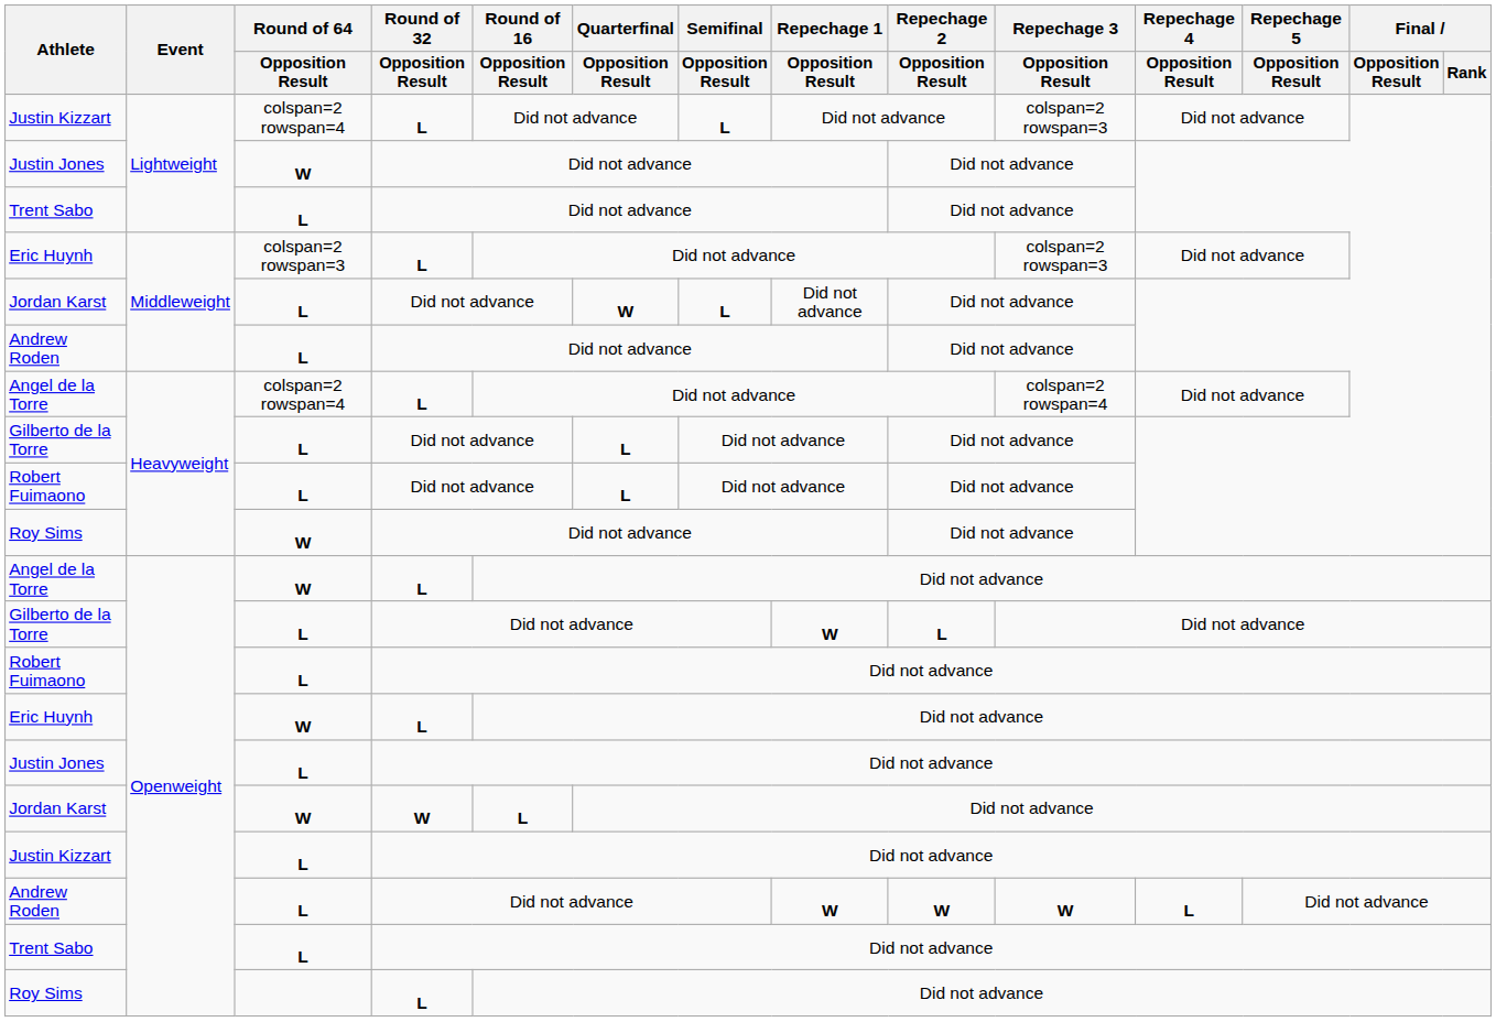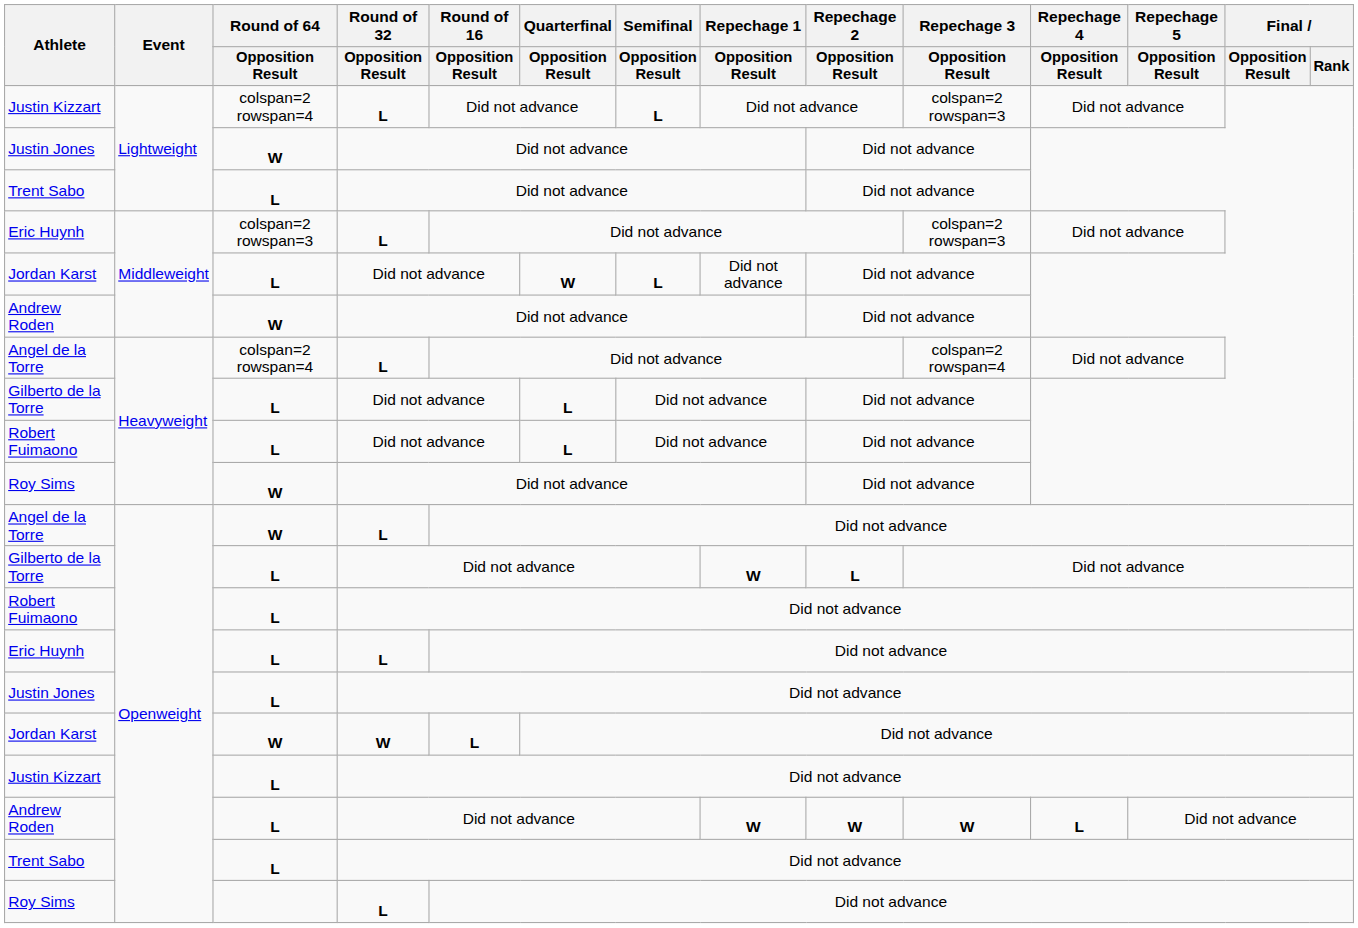 <table class=wikitable style=font-size:90%;text-align:center>
 <tr>
 <th rowspan=2>Athlete</th>
 <th rowspan=2>Event</th>
 <th>Round of 64</th>
 <th>Round of 32</th>
 <th>Round of 16</th>
 <th>Quarterfinal</th>
 <th>Semifinal</th>
 <th>Repechage 1</th>
 <th>Repechage 2</th>
 <th>Repechage 3</th>
 <th>Repechage 4</th>
 <th>Repechage 5</th>
 <th colspan=2>Final / </th>
 </tr>
 <tr style=font-size:95%>
 <th>Opposition<br>Result</th>
 <th>Opposition<br>Result</th>
 <th>Opposition<br>Result</th>
 <th>Opposition<br>Result</th>
 <th>Opposition<br>Result</th>
 <th>Opposition<br>Result</th>
 <th>Opposition<br>Result</th>
 <th>Opposition<br>Result</th>
 <th>Opposition<br>Result</th>
 <th>Opposition<br>Result</th>
 <th>Opposition<br>Result</th>
 <th>Rank</th>
 </tr>
 <tr>
 <td align=left><a href='#'>Justin Kizzart</a></td>
 <td align=left rowspan=3><a href='#'>Lightweight</a></td>
 <td>colspan=2 rowspan=4 </td>
 <td><br><strong>L</strong></td>
 <td colspan=2>Did not advance</td>
 <td><br><strong>L</strong></td>
 <td colspan=2>Did not advance</td>
 <td>colspan=2 rowspan=3 </td>
 <td colspan=2>Did not advance</td>
 </tr>
 <tr>
 <td align=left><a href='#'>Justin Jones</a></td>
 <td><br><strong>W</strong></td>
 <td colspan=5>Did not advance</td>
 <td colspan=2>Did not advance</td>
 </tr>
 <tr>
 <td align=left><a href='#'>Trent Sabo</a></td>
 <td><br><strong>L</strong></td>
 <td colspan=5>Did not advance</td>
 <td colspan=2>Did not advance</td>
 </tr>
 <tr>
 <td align=left><a href='#'>Eric Huynh</a></td>
 <td align=left rowspan=3><a href='#'>Middleweight</a></td>
 <td>colspan=2 rowspan=3 </td>
 <td><br><strong>L</strong></td>
 <td colspan=5>Did not advance</td>
 <td>colspan=2 rowspan=3 </td>
 <td colspan=2>Did not advance</td>
 </tr>
 <tr>
 <td align=left><a href='#'>Jordan Karst</a></td>
 <td><br><strong>L</strong></td>
 <td colspan=2>Did not advance</td>
 <td><br><strong>W</strong></td>
 <td><br><strong>L</strong></td>
 <td>Did not advance</td>
 <td colspan=2>Did not advance</td>
 </tr>
 <tr>
 <td align=left><a href='#'>Andrew Roden</a></td>
-<td><br><strong>L</strong></td>
+<td><br><strong>W</strong></td>
 <td colspan=5>Did not advance</td>
 <td colspan=2>Did not advance</td>
 </tr>
 <tr>
 <td align=left><a href='#'>Angel de la Torre</a></td>
 <td align=left rowspan=4><a href='#'>Heavyweight</a></td>
 <td>colspan=2 rowspan=4 </td>
 <td><br><strong>L</strong></td>
 <td colspan=5>Did not advance</td>
 <td>colspan=2 rowspan=4 </td>
 <td colspan=2>Did not advance</td>
 </tr>
 <tr>
 <td align=left><a href='#'>Gilberto de la Torre</a></td>
 <td><br><strong>L</strong></td>
 <td colspan=2>Did not advance</td>
 <td><br><strong>L</strong></td>
 <td colspan=2>Did not advance</td>
 <td colspan=2>Did not advance</td>
 </tr>
 <tr>
 <td align=left><a href='#'>Robert Fuimaono</a></td>
 <td><br><strong>L</strong></td>
 <td colspan=2>Did not advance</td>
 <td><br><strong>L</strong></td>
 <td colspan=2>Did not advance</td>
 <td colspan=2>Did not advance</td>
 </tr>
 <tr>
 <td align=left><a href='#'>Roy Sims</a></td>
 <td><br><strong>W</strong></td>
 <td colspan=5>Did not advance</td>
 <td colspan=2>Did not advance</td>
 </tr>
 <tr>
 <td align=left><a href='#'>Angel de la Torre</a></td>
 <td align=left rowspan=10><a href='#'>Openweight</a></td>
 <td><br><strong>W</strong></td>
 <td><br><strong>L</strong></td>
 <td colspan=10>Did not advance</td>
 </tr>
 <tr>
 <td align=left><a href='#'>Gilberto de la Torre</a></td>
 <td><br><strong>L</strong></td>
 <td colspan=4>Did not advance</td>
 <td><br><strong>W</strong></td>
 <td><br><strong>L</strong></td>
 <td colspan=5>Did not advance</td>
 </tr>
 <tr>
 <td align=left><a href='#'>Robert Fuimaono</a></td>
 <td><br><strong>L</strong></td>
 <td colspan=11>Did not advance</td>
 </tr>
 <tr>
 <td align=left><a href='#'>Eric Huynh</a></td>
-<td><br><strong>W</strong></td>
+<td><br><strong>L</strong></td>
 <td><br><strong>L</strong></td>
 <td colspan=10>Did not advance</td>
 </tr>
 <tr>
 <td align=left><a href='#'>Justin Jones</a></td>
 <td><br><strong>L</strong></td>
 <td colspan=11>Did not advance</td>
 </tr>
 <tr>
 <td align=left><a href='#'>Jordan Karst</a></td>
 <td><br><strong>W</strong></td>
 <td><br><strong>W</strong></td>
 <td><br><strong>L</strong></td>
 <td colspan=9>Did not advance</td>
 </tr>
 <tr>
 <td align=left><a href='#'>Justin Kizzart</a></td>
 <td><br><strong>L</strong></td>
 <td colspan=11>Did not advance</td>
 </tr>
 <tr>
 <td align=left><a href='#'>Andrew Roden</a></td>
 <td><br><strong>L</strong></td>
 <td colspan=4>Did not advance</td>
 <td><br><strong>W</strong></td>
 <td><br><strong>W</strong></td>
 <td><br><strong>W</strong></td>
 <td><br><strong>L</strong></td>
 <td colspan=3>Did not advance</td>
 </tr>
 <tr>
 <td align=left><a href='#'>Trent Sabo</a></td>
 <td><br><strong>L</strong></td>
 <td colspan=11>Did not advance</td>
 </tr>
 <tr>
 <td align=left><a href='#'>Roy Sims</a></td>
 <td></td>
 <td><br><strong>L</strong></td>
 <td colspan=10>Did not advance</td>
 </tr>
 </table>
